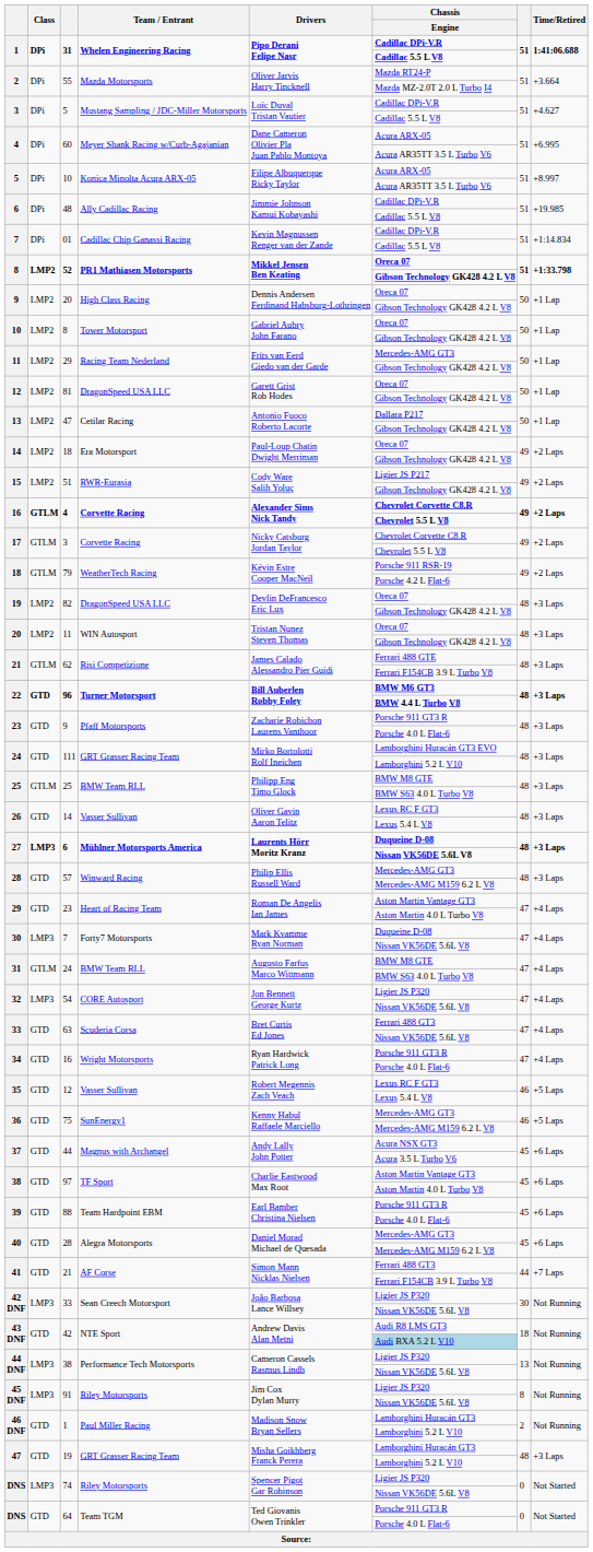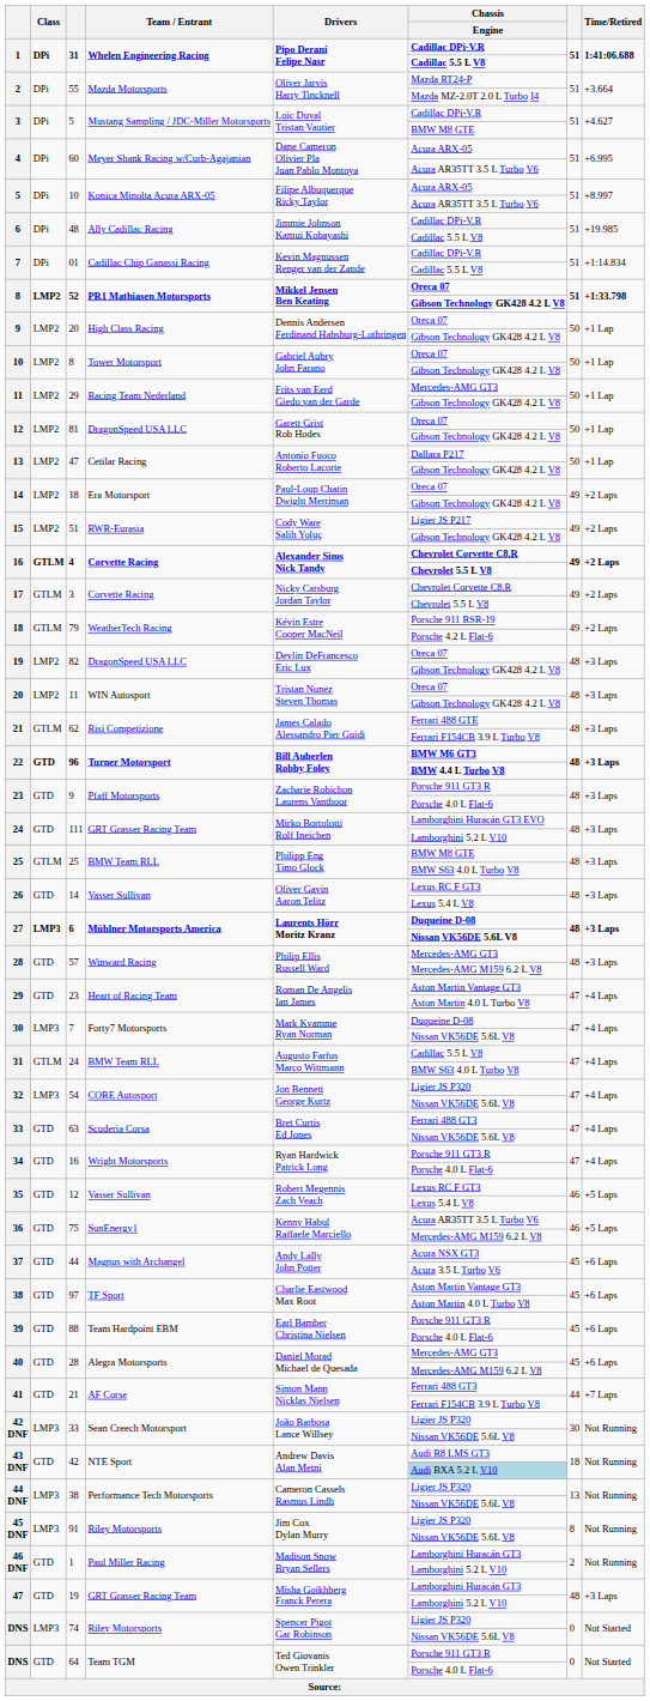 <table class="wikitable sortable" style="font-size: 85%;">
 <tr>
 <th rowspan="2"></th>
 <th rowspan="2">Class</th>
 <th rowspan="2" class="unsortable"></th>
 <th rowspan="2" class="unsortable">Team / Entrant</th>
 <th rowspan="2" class="unsortable">Drivers</th>
 <th class="unsortable" scope="col">Chassis</th>
 <th rowspan="2" class="unsortable"></th>
 <th rowspan="2" class="unsortable">Time/Retired</th>
 </tr>
 <tr>
 <th>Engine</th>
 </tr>
 <tr style="font-weight:bold">
 <th rowspan="2">1</th>
 <td rowspan="2">DPi</td>
 <td rowspan="2">31</td>
 <td rowspan="2"><a href='#'>Whelen Engineering Racing</a></td>
 <td rowspan="2"> <a href='#'>Pipo Derani</a><br> <a href='#'>Felipe Nasr</a></td>
 <td><a href='#'>Cadillac DPi-V.R</a></td>
 <td rowspan="2">51</td>
 <td rowspan="2">1:41:06.688</td>
 </tr>
 <tr style="font-weight:bold">
 <td><a href='#'>Cadillac</a> 5.5 L <a href='#'>V8</a></td>
 </tr>
 <tr>
 <th rowspan="2">2</th>
 <td rowspan="2">DPi</td>
 <td rowspan="2">55</td>
 <td rowspan="2"><a href='#'>Mazda Motorsports</a></td>
 <td rowspan="2"> <a href='#'>Oliver Jarvis</a><br> <a href='#'>Harry Tincknell</a></td>
 <td><a href='#'>Mazda RT24-P</a></td>
 <td rowspan="2">51</td>
 <td rowspan="2">+3.664</td>
 </tr>
 <tr>
 <td><a href='#'>Mazda</a> MZ-2.0T 2.0 L <a href='#'>Turbo</a> <a href='#'>I4</a></td>
 </tr>
 <tr>
 <th rowspan="2">3</th>
 <td rowspan="2">DPi</td>
 <td rowspan="2">5</td>
 <td rowspan="2"><a href='#'>Mustang Sampling / JDC-Miller Motorsports</a></td>
 <td rowspan="2"> <a href='#'>Loïc Duval</a><br> <a href='#'>Tristan Vautier</a></td>
 <td><a href='#'>Cadillac DPi-V.R</a></td>
 <td rowspan="2">51</td>
 <td rowspan="2">+4.627</td>
 </tr>
 <tr>
-<td><a href='#'>Cadillac</a> 5.5 L <a href='#'>V8</a></td>
+<td><a href='#'>BMW M8 GTE</a></td>
 </tr>
 <tr>
 <th rowspan="2">4</th>
 <td rowspan="2">DPi</td>
 <td rowspan="2">60</td>
 <td rowspan="2"><a href='#'>Meyer Shank Racing w/Curb-Agajanian</a></td>
 <td rowspan="2"> <a href='#'>Dane Cameron</a><br> <a href='#'>Olivier Pla</a><br> <a href='#'>Juan Pablo Montoya</a></td>
 <td><a href='#'>Acura ARX-05</a></td>
 <td rowspan="2">51</td>
 <td rowspan="2">+6.995</td>
 </tr>
 <tr>
 <td><a href='#'>Acura</a> AR35TT 3.5 L <a href='#'>Turbo</a> <a href='#'>V6</a></td>
 </tr>
 <tr>
 <th rowspan="2">5</th>
 <td rowspan="2">DPi</td>
 <td rowspan="2">10</td>
 <td rowspan="2"><a href='#'>Konica Minolta Acura ARX-05</a></td>
 <td rowspan="2"> <a href='#'>Filipe Albuquerque</a><br> <a href='#'>Ricky Taylor</a></td>
 <td><a href='#'>Acura ARX-05</a></td>
 <td rowspan="2">51</td>
 <td rowspan="2">+8.997</td>
 </tr>
 <tr>
 <td><a href='#'>Acura</a> AR35TT 3.5 L <a href='#'>Turbo</a> <a href='#'>V6</a></td>
 </tr>
 <tr>
 <th rowspan="2">6</th>
 <td rowspan="2">DPi</td>
 <td rowspan="2">48</td>
 <td rowspan="2"><a href='#'>Ally Cadillac Racing</a></td>
 <td rowspan="2"> <a href='#'>Jimmie Johnson</a><br> <a href='#'>Kamui Kobayashi</a></td>
 <td><a href='#'>Cadillac DPi-V.R</a></td>
 <td rowspan="2">51</td>
 <td rowspan="2">+19.985</td>
 </tr>
 <tr>
 <td><a href='#'>Cadillac</a> 5.5 L <a href='#'>V8</a></td>
 </tr>
 <tr>
 <th rowspan="2">7</th>
 <td rowspan="2">DPi</td>
 <td rowspan="2">01</td>
 <td rowspan="2"><a href='#'>Cadillac Chip Ganassi Racing</a></td>
 <td rowspan="2"> <a href='#'>Kevin Magnussen</a><br> <a href='#'>Renger van der Zande</a></td>
 <td><a href='#'>Cadillac DPi-V.R</a></td>
 <td rowspan="2">51</td>
 <td rowspan="2">+1:14.834</td>
 </tr>
 <tr>
 <td><a href='#'>Cadillac</a> 5.5 L <a href='#'>V8</a></td>
 </tr>
 <tr>
 <th rowspan="2">8</th>
 <td rowspan="2"><strong>LMP2</strong></td>
 <td rowspan="2"><strong>52</strong></td>
 <td rowspan="2"><strong><a href='#'>PR1 Mathiasen Motorsports</a></strong></td>
 <td rowspan="2"><strong> <a href='#'>Mikkel Jensen</a></strong><br><strong> <a href='#'>Ben Keating</a></strong></td>
 <td><strong><a href='#'>Oreca 07</a></strong></td>
 <td rowspan="2"><strong>51</strong></td>
 <td rowspan="2"><strong>+1:33.798</strong></td>
 </tr>
 <tr>
 <td><strong><a href='#'>Gibson Technology</a> GK428 4.2 L <a href='#'>V8</a></strong></td>
 </tr>
 <tr>
 <th rowspan="2">9</th>
 <td rowspan="2">LMP2</td>
 <td rowspan="2">20</td>
 <td rowspan="2"><a href='#'>High Class Racing</a></td>
 <td rowspan="2"> Dennis Andersen<br> <a href='#'>Ferdinand Habsburg-Lothringen</a></td>
 <td><a href='#'>Oreca 07</a></td>
 <td rowspan="2">50</td>
 <td rowspan="2">+1 Lap</td>
 </tr>
 <tr>
 <td><a href='#'>Gibson Technology</a> GK428 4.2 L <a href='#'>V8</a></td>
 </tr>
 <tr>
 <th rowspan="2">10</th>
 <td rowspan="2">LMP2</td>
 <td rowspan="2">8</td>
 <td rowspan="2"><a href='#'>Tower Motorsport</a></td>
 <td rowspan="2"> <a href='#'>Gabriel Aubry</a><br> <a href='#'>John Farano</a></td>
 <td><a href='#'>Oreca 07</a></td>
 <td rowspan="2">50</td>
 <td rowspan="2">+1 Lap</td>
 </tr>
 <tr>
 <td><a href='#'>Gibson Technology</a> GK428 4.2 L <a href='#'>V8</a></td>
 </tr>
 <tr>
 <th rowspan="2">11</th>
 <td rowspan="2">LMP2</td>
 <td rowspan="2">29</td>
 <td rowspan="2"><a href='#'>Racing Team Nederland</a></td>
 <td rowspan="2"> <a href='#'>Frits van Eerd</a><br> <a href='#'>Giedo van der Garde</a></td>
 <td><a href='#'>Mercedes-AMG GT3</a></td>
 <td rowspan="2">50</td>
 <td rowspan="2">+1 Lap</td>
 </tr>
 <tr>
 <td><a href='#'>Gibson Technology</a> GK428 4.2 L <a href='#'>V8</a></td>
 </tr>
 <tr>
 <th rowspan="2">12</th>
 <td rowspan="2">LMP2</td>
 <td rowspan="2">81</td>
 <td rowspan="2"><a href='#'>DragonSpeed USA LLC</a></td>
 <td rowspan="2"> <a href='#'>Garett Grist</a><br> Rob Hodes</td>
 <td><a href='#'>Oreca 07</a></td>
 <td rowspan="2">50</td>
 <td rowspan="2">+1 Lap</td>
 </tr>
 <tr>
 <td><a href='#'>Gibson Technology</a> GK428 4.2 L <a href='#'>V8</a></td>
 </tr>
 <tr>
 <th rowspan="2">13</th>
 <td rowspan="2">LMP2</td>
 <td rowspan="2">47</td>
 <td rowspan="2">Cetilar Racing</td>
 <td rowspan="2"> <a href='#'>Antonio Fuoco</a><br> <a href='#'>Roberto Lacorte</a></td>
 <td><a href='#'>Dallara P217</a></td>
 <td rowspan="2">50</td>
 <td rowspan="2">+1 Lap</td>
 </tr>
 <tr>
 <td><a href='#'>Gibson Technology</a> GK428 4.2 L <a href='#'>V8</a></td>
 </tr>
 <tr>
 <th rowspan="2">14</th>
 <td rowspan="2">LMP2</td>
 <td rowspan="2">18</td>
 <td rowspan="2">Era Motorsport</td>
 <td rowspan="2"> <a href='#'>Paul-Loup Chatin</a><br> <a href='#'>Dwight Merriman</a></td>
 <td><a href='#'>Oreca 07</a></td>
 <td rowspan="2">49</td>
 <td rowspan="2">+2 Laps</td>
 </tr>
 <tr>
 <td><a href='#'>Gibson Technology</a> GK428 4.2 L <a href='#'>V8</a></td>
 </tr>
 <tr>
 <th rowspan="2">15</th>
 <td rowspan="2">LMP2</td>
 <td rowspan="2">51</td>
 <td rowspan="2"><a href='#'>RWR-Eurasia</a></td>
 <td rowspan="2"> <a href='#'>Cody Ware</a><br> <a href='#'>Salih Yoluç</a></td>
 <td><a href='#'>Ligier JS P217</a></td>
 <td rowspan="2">49</td>
 <td rowspan="2">+2 Laps</td>
 </tr>
 <tr>
 <td><a href='#'>Gibson Technology</a> GK428 4.2 L <a href='#'>V8</a></td>
 </tr>
 <tr>
 <th rowspan="2">16</th>
 <td rowspan="2"><strong>GTLM</strong></td>
 <td rowspan="2"><strong>4</strong></td>
 <td rowspan="2"><strong><a href='#'>Corvette Racing</a></strong></td>
 <td rowspan="2"><strong> <a href='#'>Alexander Sims</a></strong><br><strong> <a href='#'>Nick Tandy</a></strong></td>
 <td><strong><a href='#'>Chevrolet Corvette C8.R</a></strong></td>
 <td rowspan="2"><strong>49</strong></td>
 <td rowspan="2"><strong>+2 Laps</strong></td>
 </tr>
 <tr>
 <td><strong><a href='#'>Chevrolet</a> 5.5 L  <a href='#'>V8</a></strong></td>
 </tr>
 <tr>
 <th rowspan="2">17</th>
 <td rowspan="2">GTLM</td>
 <td rowspan="2">3</td>
 <td rowspan="2"><a href='#'>Corvette Racing</a></td>
 <td rowspan="2"> <a href='#'>Nicky Catsburg</a><br> <a href='#'>Jordan Taylor</a></td>
 <td><a href='#'>Chevrolet Corvette C8.R</a></td>
 <td rowspan="2">49</td>
 <td rowspan="2">+2 Laps</td>
 </tr>
 <tr>
 <td><a href='#'>Chevrolet</a> 5.5 L  <a href='#'>V8</a></td>
 </tr>
 <tr>
 <th rowspan="2">18</th>
 <td rowspan="2">GTLM</td>
 <td rowspan="2">79</td>
 <td rowspan="2"><a href='#'>WeatherTech Racing</a></td>
 <td rowspan="2"> <a href='#'>Kévin Estre</a><br> <a href='#'>Cooper MacNeil</a></td>
 <td><a href='#'>Porsche 911 RSR-19</a></td>
 <td rowspan="2">49</td>
 <td rowspan="2">+2 Laps</td>
 </tr>
 <tr>
 <td><a href='#'>Porsche</a> 4.2 L <a href='#'>Flat-6</a></td>
 </tr>
 <tr>
 <th rowspan="2">19</th>
 <td rowspan="2">LMP2</td>
 <td rowspan="2">82</td>
 <td rowspan="2"><a href='#'>DragonSpeed USA LLC</a></td>
 <td rowspan="2"> <a href='#'>Devlin DeFrancesco</a><br> <a href='#'>Eric Lux</a></td>
 <td><a href='#'>Oreca 07</a></td>
 <td rowspan="2">48</td>
 <td rowspan="2">+3 Laps</td>
 </tr>
 <tr>
 <td><a href='#'>Gibson Technology</a> GK428 4.2 L <a href='#'>V8</a></td>
 </tr>
 <tr>
 <th rowspan="2">20</th>
 <td rowspan="2">LMP2</td>
 <td rowspan="2">11</td>
 <td rowspan="2">WIN Autosport</td>
 <td rowspan="2"> <a href='#'>Tristan Nunez</a><br> <a href='#'>Steven Thomas</a></td>
 <td><a href='#'>Oreca 07</a></td>
 <td rowspan="2">48</td>
 <td rowspan="2">+3 Laps</td>
 </tr>
 <tr>
 <td><a href='#'>Gibson Technology</a> GK428 4.2 L <a href='#'>V8</a></td>
 </tr>
 <tr>
 <th rowspan="2">21</th>
 <td rowspan="2">GTLM</td>
 <td rowspan="2">62</td>
 <td rowspan="2"><a href='#'>Risi Competizione</a></td>
 <td rowspan="2"> <a href='#'>James Calado</a><br> <a href='#'>Alessandro Pier Guidi</a></td>
 <td><a href='#'>Ferrari 488 GTE</a></td>
 <td rowspan="2">48</td>
 <td rowspan="2">+3 Laps</td>
 </tr>
 <tr>
 <td><a href='#'>Ferrari F154CB</a> 3.9 L <a href='#'>Turbo</a> <a href='#'>V8</a></td>
 </tr>
 <tr>
 <th rowspan="2">22</th>
 <td rowspan="2"><strong>GTD</strong></td>
 <td rowspan="2"><strong>96</strong></td>
 <td rowspan="2"><strong><a href='#'>Turner Motorsport</a></strong></td>
 <td rowspan="2"><strong> <a href='#'>Bill Auberlen</a></strong><br><strong> <a href='#'>Robby Foley</a></strong></td>
 <td><strong><a href='#'>BMW M6 GT3</a></strong></td>
 <td rowspan="2"><strong>48</strong></td>
 <td rowspan="2"><strong>+3 Laps</strong></td>
 </tr>
 <tr>
 <td><strong><a href='#'>BMW</a> 4.4 L <a href='#'>Turbo</a> <a href='#'>V8</a></strong></td>
 </tr>
 <tr>
 <th rowspan="2">23</th>
 <td rowspan="2">GTD</td>
 <td rowspan="2">9</td>
 <td rowspan="2"><a href='#'>Pfaff Motorsports</a></td>
 <td rowspan="2"> <a href='#'>Zacharie Robichon</a><br> <a href='#'>Laurens Vanthoor</a></td>
 <td><a href='#'>Porsche 911 GT3 R</a></td>
 <td rowspan="2">48</td>
 <td rowspan="2">+3 Laps</td>
 </tr>
 <tr>
 <td><a href='#'>Porsche</a> 4.0 L <a href='#'>Flat-6</a></td>
 </tr>
 <tr>
 <th rowspan="2">24</th>
 <td rowspan="2">GTD</td>
 <td rowspan="2">111</td>
 <td rowspan="2"><a href='#'>GRT Grasser Racing Team</a></td>
 <td rowspan="2"> <a href='#'>Mirko Bortolotti</a><br> <a href='#'>Rolf Ineichen</a></td>
 <td><a href='#'>Lamborghini Huracán GT3 EVO</a></td>
 <td rowspan="2">48</td>
 <td rowspan="2">+3 Laps</td>
 </tr>
 <tr>
 <td><a href='#'>Lamborghini</a> 5.2 L <a href='#'>V10</a></td>
 </tr>
 <tr>
 <th rowspan="2">25</th>
 <td rowspan="2">GTLM</td>
 <td rowspan="2">25</td>
 <td rowspan="2"><a href='#'>BMW Team RLL</a></td>
 <td rowspan="2"> <a href='#'>Philipp Eng</a><br> <a href='#'>Timo Glock</a></td>
 <td><a href='#'>BMW M8 GTE</a></td>
 <td rowspan="2">48</td>
 <td rowspan="2">+3 Laps</td>
 </tr>
 <tr>
 <td><a href='#'>BMW S63</a> 4.0 L <a href='#'>Turbo</a> <a href='#'>V8</a></td>
 </tr>
 <tr>
 <th rowspan="2">26</th>
 <td rowspan="2">GTD</td>
 <td rowspan="2">14</td>
 <td rowspan="2"><a href='#'>Vasser Sullivan</a></td>
 <td rowspan="2"> <a href='#'>Oliver Gavin</a><br> <a href='#'>Aaron Telitz</a></td>
 <td><a href='#'>Lexus RC F GT3</a></td>
 <td rowspan="2">48</td>
 <td rowspan="2">+3 Laps</td>
 </tr>
 <tr>
 <td><a href='#'>Lexus</a> 5.4 L <a href='#'>V8</a></td>
 </tr>
 <tr>
 <th rowspan="2">27</th>
 <td rowspan="2"><strong>LMP3</strong></td>
 <td rowspan="2"><strong>6</strong></td>
 <td rowspan="2"><a href='#'><strong>Mühlner Motorsports America</strong></a></td>
 <td rowspan="2"><strong> <a href='#'>Laurents Hörr</a></strong><br><strong> Moritz Kranz</strong></td>
 <td><strong><a href='#'>Duqueine D-08</a></strong></td>
 <td rowspan="2"><strong>48</strong></td>
 <td rowspan="2"><strong>+3 Laps</strong></td>
 </tr>
 <tr>
 <td><strong><a href='#'>Nissan</a> <a href='#'>VK56DE</a> 5.6L V8</strong></td>
 </tr>
 <tr>
 <th rowspan="2">28</th>
 <td rowspan="2">GTD</td>
 <td rowspan="2">57</td>
 <td rowspan="2"><a href='#'>Winward Racing</a></td>
 <td rowspan="2"> <a href='#'>Philip Ellis</a><br> <a href='#'>Russell Ward</a></td>
 <td><a href='#'>Mercedes-AMG GT3</a></td>
 <td rowspan="2">48</td>
 <td rowspan="2">+3 Laps</td>
 </tr>
 <tr>
 <td><a href='#'>Mercedes-AMG M159</a> 6.2 L <a href='#'>V8</a></td>
 </tr>
 <tr>
 <th rowspan="2">29</th>
 <td rowspan="2">GTD</td>
 <td rowspan="2">23</td>
 <td rowspan="2"><a href='#'>Heart of Racing Team</a></td>
 <td rowspan="2"> <a href='#'>Roman De Angelis</a><br> <a href='#'>Ian James</a></td>
 <td><a href='#'>Aston Martin Vantage GT3</a></td>
 <td rowspan="2">47</td>
 <td rowspan="2">+4 Laps</td>
 </tr>
 <tr>
 <td><a href='#'>Aston Martin</a> 4.0 L Turbo <a href='#'>V8</a></td>
 </tr>
 <tr>
 <th rowspan="2">30</th>
 <td rowspan="2">LMP3</td>
 <td rowspan="2">7</td>
 <td rowspan="2">Forty7 Motorsports</td>
 <td rowspan="2"> <a href='#'>Mark Kvamme</a><br> <a href='#'>Ryan Norman</a></td>
 <td><a href='#'>Duqueine D-08</a></td>
 <td rowspan="2">47</td>
 <td rowspan="2">+4 Laps</td>
 </tr>
 <tr>
 <td><a href='#'>Nissan VK56DE</a> 5.6L <a href='#'>V8</a></td>
 </tr>
 <tr>
 <th rowspan="2">31</th>
 <td rowspan="2">GTLM</td>
 <td rowspan="2">24</td>
 <td rowspan="2"><a href='#'>BMW Team RLL</a></td>
 <td rowspan="2"> <a href='#'>Augusto Farfus</a><br> <a href='#'>Marco Wittmann</a></td>
-<td><a href='#'>BMW M8 GTE</a></td>
+<td><a href='#'>Cadillac</a> 5.5 L <a href='#'>V8</a></td>
 <td rowspan="2">47</td>
 <td rowspan="2">+4 Laps</td>
 </tr>
 <tr>
 <td><a href='#'>BMW S63</a> 4.0 L <a href='#'>Turbo</a> <a href='#'>V8</a></td>
 </tr>
 <tr>
 <th rowspan="2">32</th>
 <td rowspan="2">LMP3</td>
 <td rowspan="2">54</td>
 <td rowspan="2"><a href='#'>CORE Autosport</a></td>
 <td rowspan="2"> <a href='#'>Jon Bennett</a><br> <a href='#'>George Kurtz</a></td>
 <td><a href='#'>Ligier JS P320</a></td>
 <td rowspan="2">47</td>
 <td rowspan="2">+4 Laps</td>
 </tr>
 <tr>
 <td><a href='#'>Nissan VK56DE</a> 5.6L <a href='#'>V8</a></td>
 </tr>
 <tr>
 <th rowspan="2">33</th>
 <td rowspan="2">GTD</td>
 <td rowspan="2">63</td>
 <td rowspan="2"><a href='#'>Scuderia Corsa</a></td>
 <td rowspan="2"> <a href='#'>Bret Curtis</a><br> <a href='#'>Ed Jones</a></td>
 <td><a href='#'>Ferrari 488 GT3</a></td>
 <td rowspan="2">47</td>
 <td rowspan="2">+4 Laps</td>
 </tr>
 <tr>
 <td><a href='#'>Nissan VK56DE</a> 5.6L <a href='#'>V8</a></td>
 </tr>
 <tr>
 <th rowspan="2">34</th>
 <td rowspan="2">GTD</td>
 <td rowspan="2">16</td>
 <td rowspan="2"><a href='#'>Wright Motorsports</a></td>
 <td rowspan="2"> Ryan Hardwick<br> <a href='#'>Patrick Long</a></td>
 <td><a href='#'>Porsche 911 GT3 R</a></td>
 <td rowspan="2">47</td>
 <td rowspan="2">+4 Laps</td>
 </tr>
 <tr>
 <td><a href='#'>Porsche</a> 4.0 L <a href='#'>Flat-6</a></td>
 </tr>
 <tr>
 <th rowspan="2">35</th>
 <td rowspan="2">GTD</td>
 <td rowspan="2">12</td>
 <td rowspan="2"><a href='#'>Vasser Sullivan</a></td>
 <td rowspan="2"> <a href='#'>Robert Megennis</a><br> <a href='#'>Zach Veach</a></td>
 <td><a href='#'>Lexus RC F GT3</a></td>
 <td rowspan="2">46</td>
 <td rowspan="2">+5 Laps</td>
 </tr>
 <tr>
 <td><a href='#'>Lexus</a> 5.4 L <a href='#'>V8</a></td>
 </tr>
 <tr>
 <th rowspan="2">36</th>
 <td rowspan="2">GTD</td>
 <td rowspan="2">75</td>
 <td rowspan="2"><a href='#'>SunEnergy1</a></td>
 <td rowspan="2"> <a href='#'>Kenny Habul</a><br> <a href='#'>Raffaele Marciello</a></td>
-<td><a href='#'>Mercedes-AMG GT3</a></td>
+<td><a href='#'>Acura</a> AR35TT 3.5 L <a href='#'>Turbo</a> <a href='#'>V6</a></td>
 <td rowspan="2">46</td>
 <td rowspan="2">+5 Laps</td>
 </tr>
 <tr>
 <td><a href='#'>Mercedes-AMG M159</a> 6.2 L <a href='#'>V8</a></td>
 </tr>
 <tr>
 <th rowspan="2">37</th>
 <td rowspan="2">GTD</td>
 <td rowspan="2">44</td>
 <td rowspan="2"><a href='#'>Magnus with Archangel</a></td>
 <td rowspan="2"> <a href='#'>Andy Lally</a><br> <a href='#'>John Potter</a></td>
 <td><a href='#'>Acura NSX GT3</a></td>
 <td rowspan="2">45</td>
 <td rowspan="2">+6 Laps</td>
 </tr>
 <tr>
 <td><a href='#'>Acura</a> 3.5 L <a href='#'>Turbo</a> <a href='#'>V6</a></td>
 </tr>
 <tr>
 <th rowspan="2">38</th>
 <td rowspan="2">GTD</td>
 <td rowspan="2">97</td>
 <td rowspan="2"><a href='#'>TF Sport</a></td>
 <td rowspan="2"> <a href='#'>Charlie Eastwood</a><br> Max Root</td>
 <td><a href='#'>Aston Martin Vantage GT3</a></td>
 <td rowspan="2">45</td>
 <td rowspan="2">+6 Laps</td>
 </tr>
 <tr>
 <td><a href='#'>Aston Martin</a> 4.0 L <a href='#'>Turbo</a> <a href='#'>V8</a></td>
 </tr>
 <tr>
 <th rowspan="2">39</th>
 <td rowspan="2">GTD</td>
 <td rowspan="2">88</td>
 <td rowspan="2">Team Hardpoint EBM</td>
 <td rowspan="2"> <a href='#'>Earl Bamber</a><br> <a href='#'>Christina Nielsen</a></td>
 <td><a href='#'>Porsche 911 GT3 R</a></td>
 <td rowspan="2">45</td>
 <td rowspan="2">+6 Laps</td>
 </tr>
 <tr>
 <td><a href='#'>Porsche</a> 4.0 L <a href='#'>Flat-6</a></td>
 </tr>
 <tr>
 <th rowspan="2">40</th>
 <td rowspan="2">GTD</td>
 <td rowspan="2">28</td>
 <td rowspan="2">Alegra Motorsports</td>
 <td rowspan="2"> <a href='#'>Daniel Morad</a><br> Michael de Quesada</td>
 <td><a href='#'>Mercedes-AMG GT3</a></td>
 <td rowspan="2">45</td>
 <td rowspan="2">+6 Laps</td>
 </tr>
 <tr>
 <td><a href='#'>Mercedes-AMG M159</a> 6.2 L <a href='#'>V8</a></td>
 </tr>
 <tr>
 <th rowspan="2">41</th>
 <td rowspan="2">GTD</td>
 <td rowspan="2">21</td>
 <td rowspan="2"><a href='#'>AF Corse</a></td>
 <td rowspan="2"> <a href='#'>Simon Mann</a><br> <a href='#'>Nicklas Nielsen</a></td>
 <td><a href='#'>Ferrari 488 GT3</a></td>
 <td rowspan="2">44</td>
 <td rowspan="2">+7 Laps</td>
 </tr>
 <tr>
 <td><a href='#'>Ferrari F154CB</a> 3.9 L <a href='#'>Turbo</a> <a href='#'>V8</a></td>
 </tr>
 <tr>
 <th rowspan="2">42<br>DNF</th>
 <td rowspan="2">LMP3</td>
 <td rowspan="2">33</td>
 <td rowspan="2">Sean Creech Motorsport</td>
 <td rowspan="2"> <a href='#'>João Barbosa</a><br> Lance Willsey</td>
 <td><a href='#'>Ligier JS P320</a></td>
 <td rowspan="2">30</td>
 <td rowspan="2">Not Running</td>
 </tr>
 <tr>
 <td><a href='#'>Nissan VK56DE</a> 5.6L <a href='#'>V8</a></td>
 </tr>
 <tr>
 <th rowspan="2">43<br>DNF</th>
 <td rowspan="2">GTD</td>
 <td rowspan="2">42</td>
 <td rowspan="2">NTE Sport</td>
 <td rowspan="2"> Andrew Davis<br> <a href='#'>Alan Metni</a></td>
 <td><a href='#'>Audi R8 LMS GT3</a></td>
 <td rowspan="2">18</td>
 <td rowspan="2">Not Running</td>
 </tr>
 <tr>
 <td style="background: lightblue;"><a href='#'>Audi</a> BXA 5.2 L <a href='#'>V10</a></td>
 </tr>
 <tr>
 <th rowspan="2">44<br>DNF</th>
 <td rowspan="2">LMP3</td>
 <td rowspan="2">38</td>
 <td rowspan="2">Performance Tech Motorsports</td>
 <td rowspan="2"> Cameron Cassels<br> <a href='#'>Rasmus Lindh</a></td>
 <td><a href='#'>Ligier JS P320</a></td>
 <td rowspan="2">13</td>
 <td rowspan="2">Not Running</td>
 </tr>
 <tr>
 <td><a href='#'>Nissan VK56DE</a> 5.6L <a href='#'>V8</a></td>
 </tr>
 <tr>
 <th rowspan="2">45<br>DNF</th>
 <td rowspan="2">LMP3</td>
 <td rowspan="2">91</td>
 <td rowspan="2"><a href='#'>Riley Motorsports</a></td>
 <td rowspan="2"> Jim Cox<br> Dylan Murry</td>
 <td><a href='#'>Ligier JS P320</a></td>
 <td rowspan="2">8</td>
 <td rowspan="2">Not Running</td>
 </tr>
 <tr>
 <td><a href='#'>Nissan VK56DE</a> 5.6L <a href='#'>V8</a></td>
 </tr>
 <tr>
 <th rowspan="2">46<br>DNF</th>
 <td rowspan="2">GTD</td>
 <td rowspan="2">1</td>
 <td rowspan="2"><a href='#'>Paul Miller Racing</a></td>
 <td rowspan="2"> <a href='#'>Madison Snow</a><br> <a href='#'>Bryan Sellers</a></td>
 <td><a href='#'>Lamborghini Huracán GT3</a></td>
 <td rowspan="2">2</td>
 <td rowspan="2">Not Running</td>
 </tr>
 <tr>
 <td><a href='#'>Lamborghini</a> 5.2 L <a href='#'>V10</a></td>
 </tr>
 <tr>
 <th rowspan="2">47</th>
 <td rowspan="2">GTD</td>
 <td rowspan="2">19</td>
 <td rowspan="2"><a href='#'>GRT Grasser Racing Team</a></td>
 <td rowspan="2"> <a href='#'>Misha Goikhberg</a><br> <a href='#'>Franck Perera</a></td>
 <td><a href='#'>Lamborghini Huracán GT3</a></td>
 <td rowspan="2">48</td>
 <td rowspan="2">+3 Laps</td>
 </tr>
 <tr>
 <td><a href='#'>Lamborghini</a> 5.2 L <a href='#'>V10</a></td>
 </tr>
 <tr>
 <th rowspan="2">DNS</th>
 <td rowspan="2">LMP3</td>
 <td rowspan="2">74</td>
 <td rowspan="2"><a href='#'>Riley Motorsports</a></td>
 <td rowspan="2"> <a href='#'>Spencer Pigot</a><br> <a href='#'>Gar Robinson</a></td>
 <td><a href='#'>Ligier JS P320</a></td>
 <td rowspan="2">0</td>
 <td rowspan="2">Not Started</td>
 </tr>
 <tr>
 <td><a href='#'>Nissan VK56DE</a> 5.6L <a href='#'>V8</a></td>
 </tr>
 <tr>
 <th rowspan="2">DNS</th>
 <td rowspan="2">GTD</td>
 <td rowspan="2">64</td>
 <td rowspan="2">Team TGM</td>
 <td rowspan="2"> Ted Giovanis<br> Owen Trinkler</td>
 <td><a href='#'>Porsche 911 GT3 R</a></td>
 <td rowspan="2">0</td>
 <td rowspan="2">Not Started</td>
 </tr>
 <tr>
 <td><a href='#'>Porsche</a> 4.0 L <a href='#'>Flat-6</a></td>
 </tr>
 <tr>
 <th colspan="8">Source:</th>
 </tr>
 </table>
